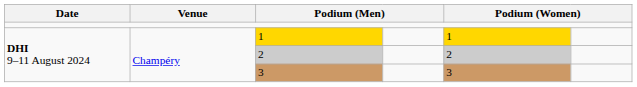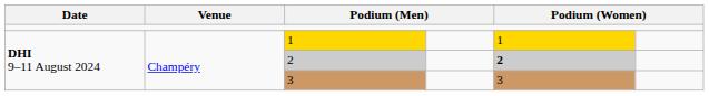 <table class="wikitable" width=70%>
 <tr>
 <th>Date</th>
 <th width=20%>Venue</th>
 <th colspan=2 width=30%>Podium (Men)</th>
 <th colspan=2 width=30%>Podium (Women)</th>
 </tr>
 <tr>
 <td colspan=6></td>
 </tr>
 <tr>
 <td rowspan=3><strong>DHI</strong> <br> 9–11 August 2024</td>
 <td rowspan=3><br><a href='#'>Champéry</a></td>
 <td bgcolor=FFD700>1</td>
 <td></td>
 <td bgcolor=FFD700>1</td>
 <td></td>
 </tr>
 <tr>
 <td bgcolor=CCCCCC>2</td>
 <td></td>
-<td bgcolor=CCCCCC>2</td>
+<td bgcolor=CCCCCC><strong>2</strong></td>
 <td></td>
 </tr>
 <tr>
 <td bgcolor=CC9966>3</td>
 <td></td>
 <td bgcolor=CC9966>3</td>
 <td></td>
 </tr>
 </table>
